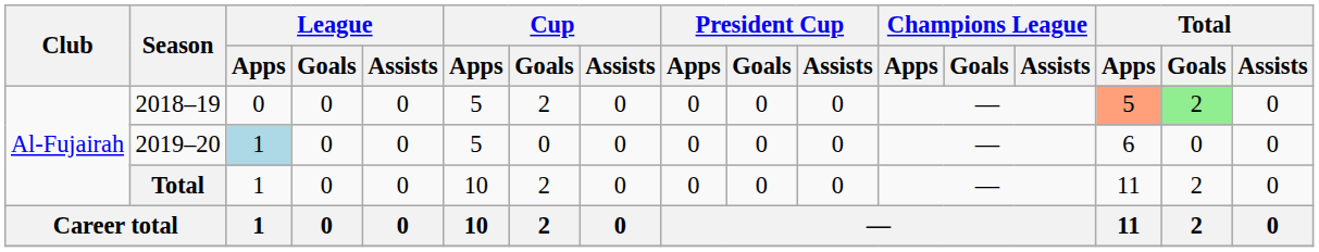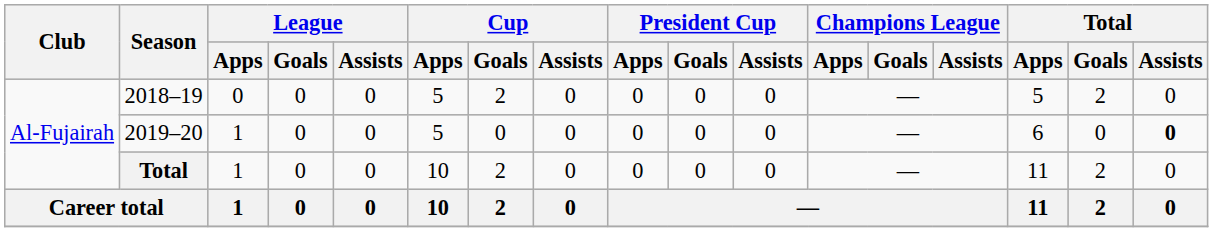 <table class="wikitable" style="font-size:90%; text-align: center;">
 <tr>
 <th rowspan="2">Club</th>
 <th rowspan="2">Season</th>
 <th colspan="3"><a href='#'>League</a></th>
 <th colspan="3"><a href='#'>Cup</a></th>
 <th colspan="3"><a href='#'>President Cup</a></th>
 <th colspan="3"><a href='#'>Champions League</a></th>
 <th colspan="3">Total</th>
 </tr>
 <tr>
 <th>Apps</th>
 <th>Goals</th>
 <th>Assists</th>
 <th>Apps</th>
 <th>Goals</th>
 <th>Assists</th>
 <th>Apps</th>
 <th>Goals</th>
 <th>Assists</th>
 <th>Apps</th>
 <th>Goals</th>
 <th>Assists</th>
 <th>Apps</th>
 <th>Goals</th>
 <th>Assists</th>
 </tr>
 <tr>
 <td rowspan="3" style="text-align:center;"><a href='#'>Al-Fujairah</a></td>
 <td !colspan="2">2018–19</td>
 <td>0</td>
 <td>0</td>
 <td>0</td>
 <td>5</td>
 <td>2</td>
 <td>0</td>
 <td>0</td>
 <td>0</td>
 <td>0</td>
 <td colspan="3">—</td>
-<td style="background: lightsalmon;">5</td>
-<td style="background: lightgreen;">2</td>
+<td>5</td>
+<td>2</td>
 <td>0</td>
 </tr>
 <tr>
 <td !colspan="2">2019–20</td>
-<td style="background: lightblue;">1</td>
+<td>1</td>
 <td>0</td>
 <td>0</td>
 <td>5</td>
 <td>0</td>
 <td>0</td>
 <td>0</td>
 <td>0</td>
 <td>0</td>
 <td colspan="3">—</td>
 <td>6</td>
 <td>0</td>
-<td>0</td>
+<td><strong>0</strong></td>
 </tr>
 <tr>
 <th colspan=1>Total</th>
 <td>1</td>
 <td>0</td>
 <td>0</td>
 <td>10</td>
 <td>2</td>
 <td>0</td>
 <td>0</td>
 <td>0</td>
 <td>0</td>
 <td colspan="3">—</td>
 <td>11</td>
 <td>2</td>
 <td>0</td>
 </tr>
 <tr>
 <th colspan=2>Career total</th>
 <th>1</th>
 <th>0</th>
 <th>0</th>
 <th>10</th>
 <th>2</th>
 <th>0</th>
 <th colspan="6">—</th>
 <th>11</th>
 <th>2</th>
 <th>0</th>
 </tr>
 <tr>
 </tr>
 </table>
